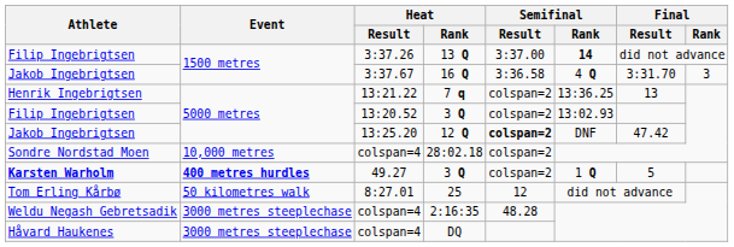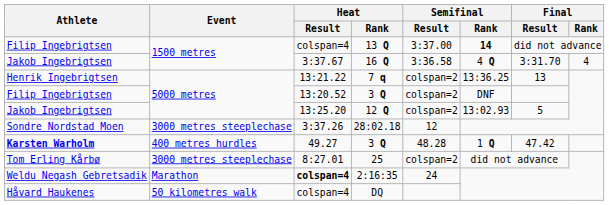 <table class="wikitable"  style="font-size:90%">
 <tr>
 <th rowspan="2">Athlete</th>
 <th rowspan="2">Event</th>
 <th colspan="2">Heat</th>
 <th colspan="2">Semifinal</th>
 <th colspan="2">Final</th>
 </tr>
 <tr>
 <th>Result</th>
 <th>Rank</th>
 <th>Result</th>
 <th>Rank</th>
 <th>Result</th>
 <th>Rank</th>
 </tr>
 <tr style=text-align:center>
 <td style=text-align:left><a href='#'>Filip Ingebrigtsen</a></td>
 <td style=text-align:left rowspan=2><a href='#'>1500 metres</a></td>
-<td>3:37.26</td>
+<td>colspan=4 </td>
 <td>13 <strong>Q</strong></td>
 <td>3:37.00</td>
 <td><strong>14</strong></td>
 <td colspan=2>did not advance</td>
 </tr>
 <tr style=text-align:center>
 <td style=text-align:left><a href='#'>Jakob Ingebrigtsen</a></td>
 <td>3:37.67</td>
 <td>16 <strong>Q</strong></td>
 <td>3:36.58</td>
 <td>4 <strong>Q</strong></td>
 <td>3:31.70</td>
-<td>3</td>
+<td>4</td>
 </tr>
 <tr style=text-align:center>
 <td style=text-align:left><a href='#'>Henrik Ingebrigtsen</a></td>
 <td style=text-align:left rowspan=3><a href='#'>5000 metres</a></td>
 <td>13:21.22</td>
 <td>7 <strong>q</strong></td>
 <td>colspan=2 </td>
 <td>13:36.25</td>
 <td>13</td>
 </tr>
 <tr style=text-align:center>
 <td style=text-align:left><a href='#'>Filip Ingebrigtsen</a></td>
 <td>13:20.52</td>
 <td>3 <strong>Q</strong></td>
 <td>colspan=2 </td>
-<td>13:02.93</td>
+<td>DNF</td>
 <td></td>
 </tr>
 <tr style=text-align:center>
 <td style=text-align:left><a href='#'>Jakob Ingebrigtsen</a></td>
 <td>13:25.20</td>
 <td>12 <strong>Q</strong></td>
-<td><strong>colspan=2 </strong></td>
-<td>DNF</td>
-<td>47.42</td>
+<td>colspan=2 </td>
+<td>13:02.93</td>
+<td>5</td>
 </tr>
 <tr style=text-align:center>
 <td style=text-align:left><a href='#'>Sondre Nordstad Moen</a></td>
-<td style=text-align:left><a href='#'>10,000 metres</a></td>
-<td>colspan=4 </td>
+<td style=text-align:left><a href='#'>3000 metres steeplechase</a></td>
+<td>3:37.26</td>
 <td>28:02.18</td>
-<td>colspan=2 </td>
+<td>12</td>
 </tr>
 <tr style=text-align:center>
 <td style=text-align:left><strong><a href='#'>Karsten Warholm</a></strong></td>
-<td style=text-align:left><strong><a href='#'>400 metres hurdles</a></strong></td>
+<td style=text-align:left><a href='#'>400 metres hurdles</a></td>
 <td>49.27</td>
 <td>3 <strong>Q</strong></td>
-<td>colspan=2 </td>
+<td>48.28</td>
 <td>1 <strong>Q</strong></td>
-<td>5</td>
+<td>47.42</td>
 <td></td>
 </tr>
 <tr style=text-align:center>
 <td style=text-align:left><a href='#'>Tom Erling Kårbø</a></td>
-<td style=text-align:left rowspan=1><a href='#'>50 kilometres walk</a></td>
+<td style=text-align:left><a href='#'>3000 metres steeplechase</a></td>
 <td>8:27.01</td>
 <td>25</td>
-<td>12</td>
+<td>colspan=2 </td>
 <td colspan=2>did not advance</td>
 </tr>
 <tr style=text-align:center>
 <td style=text-align:left><a href='#'>Weldu Negash Gebretsadik</a></td>
-<td style=text-align:left><a href='#'>3000 metres steeplechase</a></td>
-<td>colspan=4 </td>
+<td style=text-align:left><a href='#'>Marathon</a></td>
+<td><strong>colspan=4 </strong></td>
 <td>2:16:35</td>
-<td>48.28</td>
+<td>24</td>
 </tr>
 <tr style=text-align:center>
 <td style=text-align:left><a href='#'>Håvard Haukenes</a></td>
-<td style=text-align:left><a href='#'>3000 metres steeplechase</a></td>
+<td style=text-align:left rowspan=1><a href='#'>50 kilometres walk</a></td>
 <td>colspan=4 </td>
 <td>DQ</td>
 <td></td>
 </tr>
 </table>
